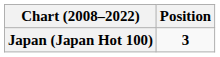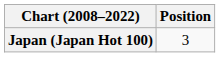 <table class="wikitable plainrowheaders" style="text-align:center">
 <tr>
 <th scope="col">Chart (2008–2022)</th>
 <th scope="col">Position</th>
 </tr>
 <tr>
 <th scope="row">Japan (Japan Hot 100)</th>
-<td><strong>3</strong></td>
+<td>3</td>
 </tr>
 </table>
